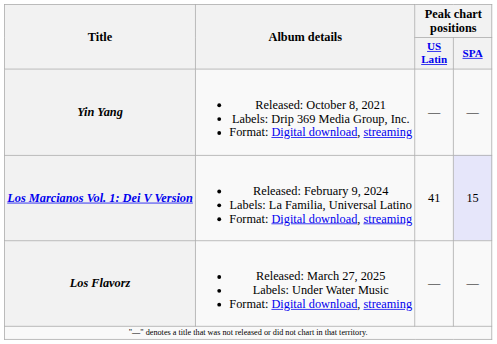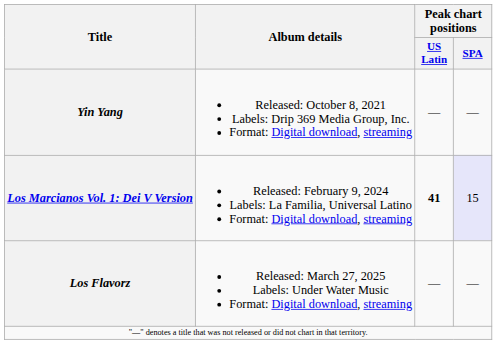 <table class="wikitable plainrowheaders" style="text-align: center;">
 <tr>
 <th scope="col" rowspan="2">Title</th>
 <th scope="col" rowspan="2">Album details</th>
 <th scope="col" colspan="2">Peak chart positions</th>
 </tr>
 <tr>
 <th scope="col" style="width:3em;font-size:90%;"><a href='#'>US<br>Latin</a><br></th>
 <th scope="col" style="width:3em;font-size:90%;"><a href='#'>SPA</a><br></th>
 </tr>
 <tr>
 <th scope="row"><em>Yin Yang</em></th>
 <td><br><ul><li>Released: October 8, 2021</li><li>Labels: Drip 369 Media Group, Inc.</li><li>Format: <a href='#'>Digital download</a>, <a href='#'>streaming</a></li></ul></td>
 <td>—</td>
 <td>—</td>
 </tr>
 <tr>
 <th scope="row"><em><a href='#'>Los Marcianos Vol. 1: Dei V Version</a></em><br></th>
 <td><br><ul><li>Released: February 9, 2024</li><li>Labels: La Familia, Universal Latino</li><li>Format: <a href='#'>Digital download</a>, <a href='#'>streaming</a></li></ul></td>
-<td>41</td>
+<td><strong>41</strong></td>
 <td style="background: lavender;">15</td>
 </tr>
 <tr>
 <th scope="row"><em>Los Flavorz</em></th>
 <td><br><ul><li>Released: March 27, 2025</li><li>Labels: Under Water Music</li><li>Format: <a href='#'>Digital download</a>, <a href='#'>streaming</a></li></ul></td>
 <td>—</td>
 <td>—</td>
 </tr>
 <tr>
 <td colspan="14" style="font-size:8pt;">"—" denotes a title that was not released or did not chart in that territory.</td>
 </tr>
 </table>
